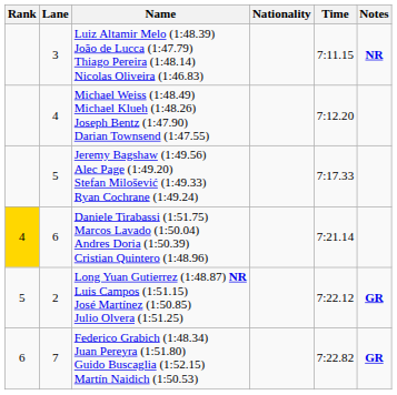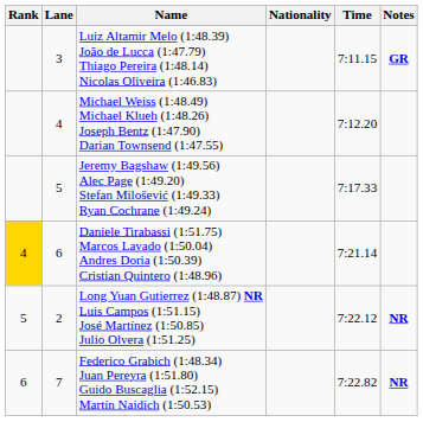 <table class="wikitable sortable" style="text-align:center">
 <tr>
 <th>Rank</th>
 <th>Lane</th>
 <th>Name</th>
 <th>Nationality</th>
 <th>Time</th>
 <th>Notes</th>
 </tr>
 <tr>
 <td></td>
 <td>3</td>
 <td align=left><a href='#'>Luiz Altamir Melo</a> (1:48.39) <br><a href='#'>João de Lucca</a> (1:47.79) <br><a href='#'>Thiago Pereira</a> (1:48.14) <br><a href='#'>Nicolas Oliveira</a> (1:46.83)</td>
 <td align="left"></td>
 <td>7:11.15</td>
-<td><strong><a href='#'>NR</a></strong></td>
+<td><strong><a href='#'>GR</a></strong></td>
 </tr>
 <tr>
 <td></td>
 <td>4</td>
 <td align=left><a href='#'>Michael Weiss</a> (1:48.49) <br><a href='#'>Michael Klueh</a> (1:48.26) <br><a href='#'>Joseph Bentz</a> (1:47.90) <br><a href='#'>Darian Townsend</a> (1:47.55)</td>
 <td align="left"></td>
 <td>7:12.20</td>
 <td></td>
 </tr>
 <tr>
 <td></td>
 <td>5</td>
 <td align=left><a href='#'>Jeremy Bagshaw</a> (1:49.56) <br><a href='#'>Alec Page</a> (1:49.20) <br><a href='#'>Stefan Milošević</a> (1:49.33) <br><a href='#'>Ryan Cochrane</a> (1:49.24)</td>
 <td align="left"></td>
 <td>7:17.33</td>
 <td></td>
 </tr>
 <tr>
 <td style="background: gold;">4</td>
 <td>6</td>
 <td align=left><a href='#'>Daniele Tirabassi</a> (1:51.75)<br><a href='#'>Marcos Lavado</a> (1:50.04)<br><a href='#'>Andres Doria</a> (1:50.39)<br><a href='#'>Cristian Quintero</a> (1:48.96)</td>
 <td align=left></td>
 <td>7:21.14</td>
 <td></td>
 </tr>
 <tr>
 <td>5</td>
 <td>2</td>
 <td align=left><a href='#'>Long Yuan Gutierrez</a> (1:48.87) <strong><a href='#'>NR</a></strong><br><a href='#'>Luis Campos</a> (1:51.15)<br><a href='#'>José Martínez</a> (1:50.85)<br><a href='#'>Julio Olvera</a> (1:51.25)</td>
 <td align=left></td>
 <td>7:22.12</td>
-<td><strong><a href='#'>GR</a></strong></td>
+<td><strong><a href='#'>NR</a></strong></td>
 </tr>
 <tr>
 <td>6</td>
 <td>7</td>
 <td align=left><a href='#'>Federico Grabich</a> (1:48.34) <br><a href='#'>Juan Pereyra</a> (1:51.80) <br><a href='#'>Guido Buscaglia</a> (1:52.15) <br><a href='#'>Martín Naidich</a> (1:50.53)</td>
 <td align="left"></td>
 <td>7:22.82</td>
-<td><strong><a href='#'>GR</a></strong></td>
+<td><strong><a href='#'>NR</a></strong></td>
 </tr>
 </table>
